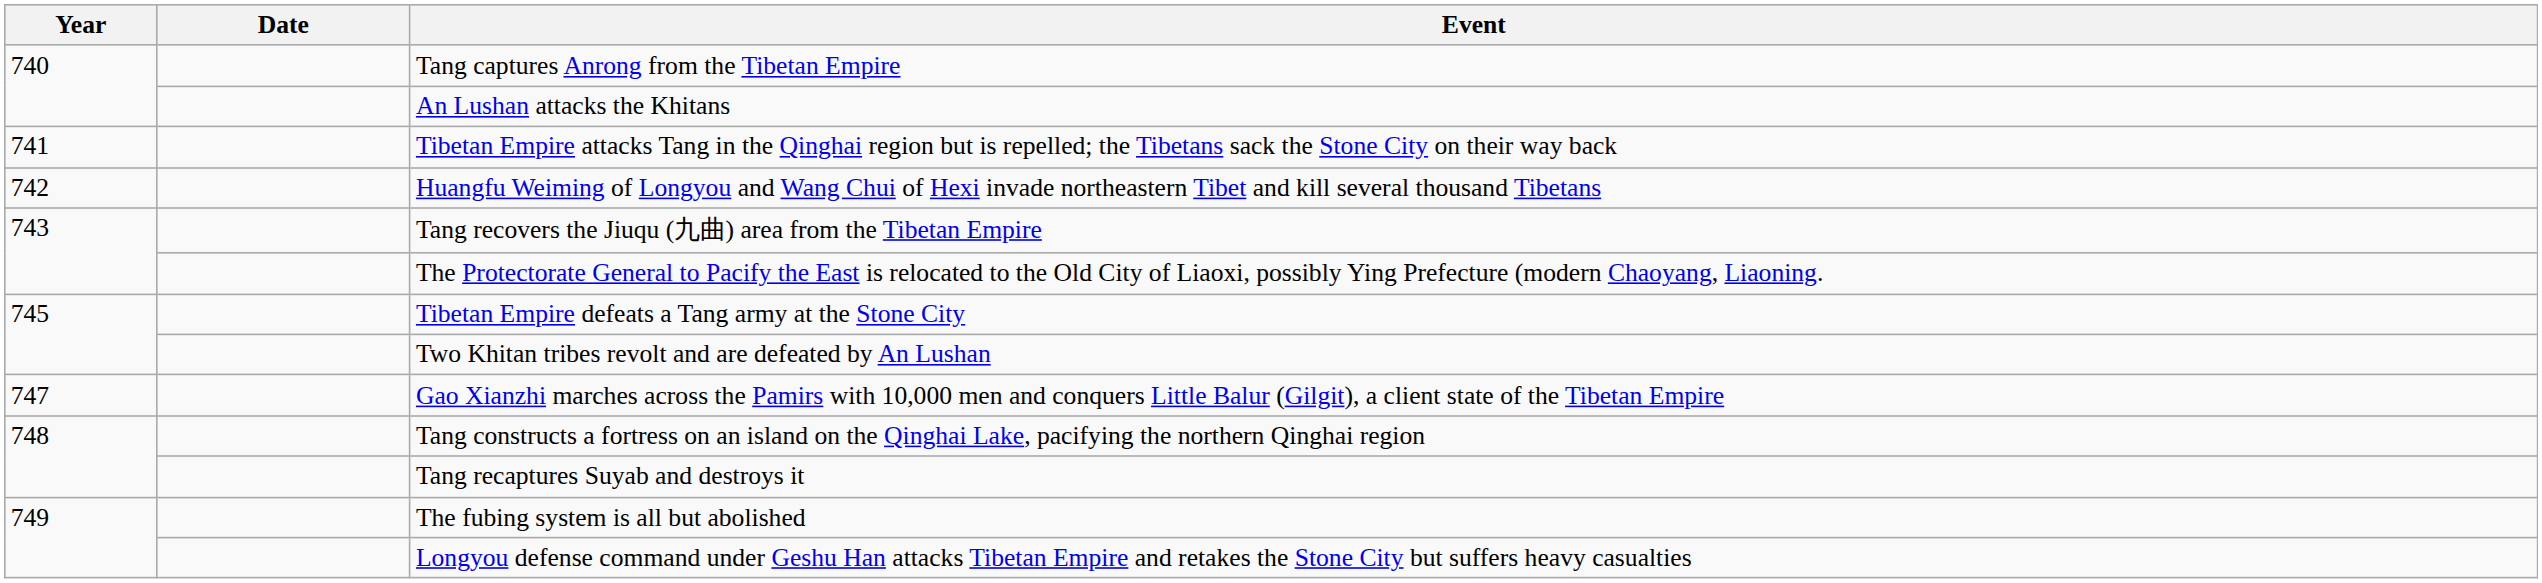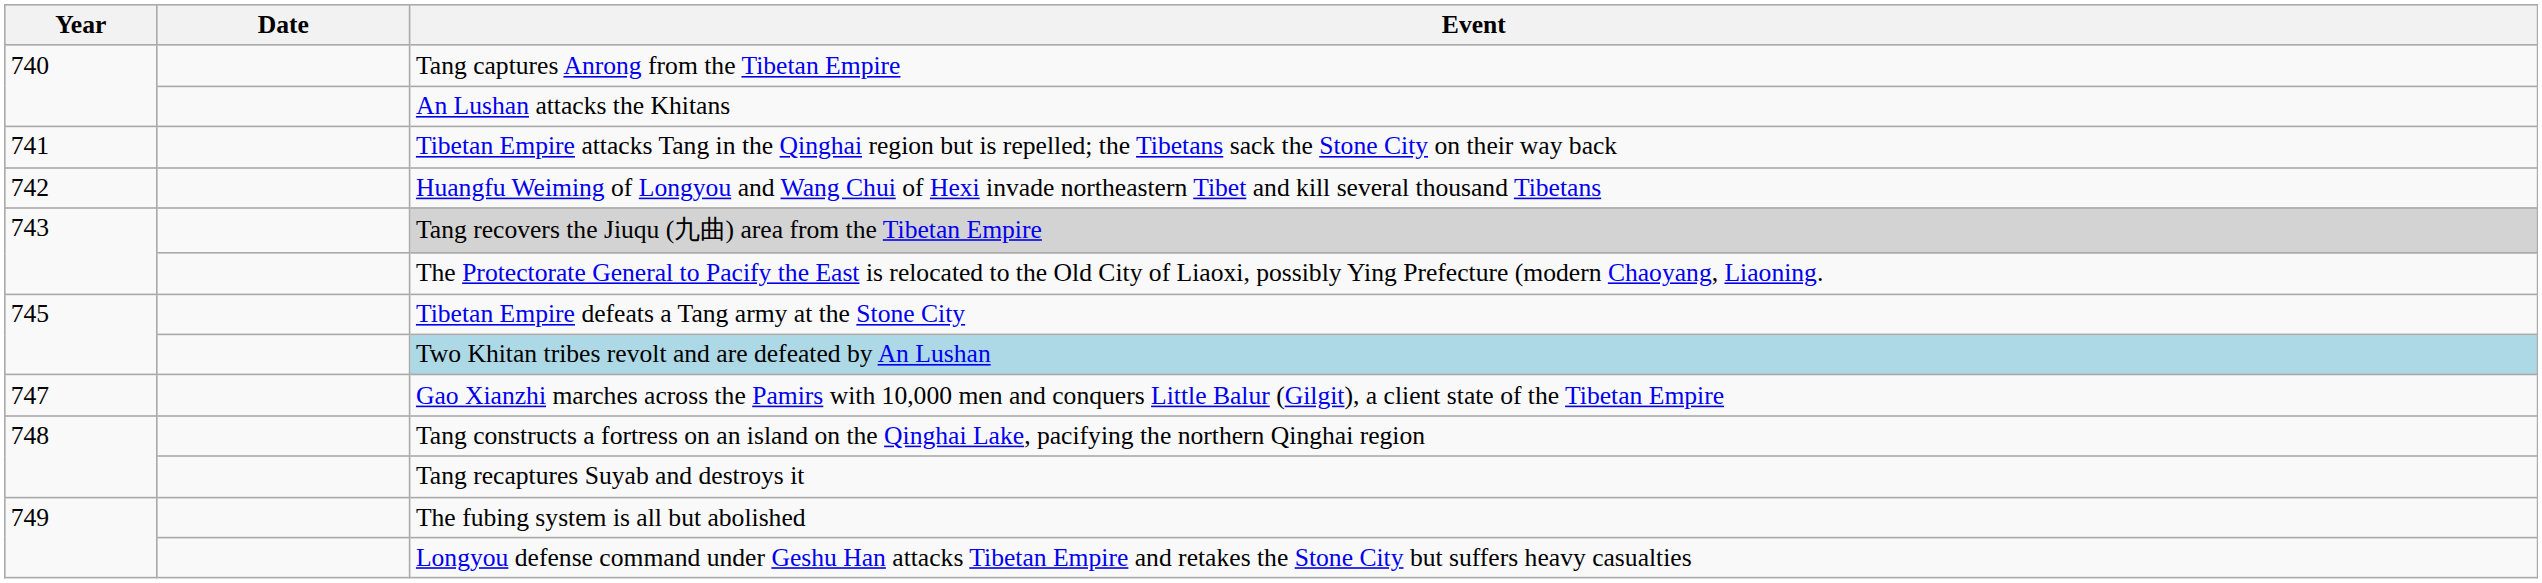 <table class="wikitable" width="100%">
 <tr>
 <th style="width:6%">Year</th>
 <th style="width:10%">Date</th>
 <th>Event</th>
 </tr>
 <tr>
 <td rowspan="2" valign="top">740</td>
 <td></td>
 <td>Tang captures <a href='#'>Anrong</a> from the <a href='#'>Tibetan Empire</a></td>
 </tr>
 <tr>
 <td></td>
 <td><a href='#'>An Lushan</a> attacks the Khitans</td>
 </tr>
 <tr>
 <td>741</td>
 <td></td>
 <td><a href='#'>Tibetan Empire</a> attacks Tang in the <a href='#'>Qinghai</a> region but is repelled; the <a href='#'>Tibetans</a> sack the <a href='#'>Stone City</a> on their way back</td>
 </tr>
 <tr>
 <td>742</td>
 <td></td>
 <td><a href='#'>Huangfu Weiming</a> of <a href='#'>Longyou</a> and <a href='#'>Wang Chui</a> of <a href='#'>Hexi</a> invade northeastern <a href='#'>Tibet</a> and kill several thousand <a href='#'>Tibetans</a></td>
 </tr>
 <tr>
 <td rowspan="2" valign="top">743</td>
 <td></td>
-<td>Tang recovers the Jiuqu (九曲) area from the <a href='#'>Tibetan Empire</a></td>
+<td style="background: lightgrey;">Tang recovers the Jiuqu (九曲) area from the <a href='#'>Tibetan Empire</a></td>
 </tr>
 <tr>
 <td></td>
 <td>The <a href='#'>Protectorate General to Pacify the East</a> is relocated to the Old City of Liaoxi, possibly Ying Prefecture (modern <a href='#'>Chaoyang</a>, <a href='#'>Liaoning</a>.</td>
 </tr>
 <tr>
 <td rowspan="2" valign="top">745</td>
 <td></td>
 <td><a href='#'>Tibetan Empire</a> defeats a Tang army at the <a href='#'>Stone City</a></td>
 </tr>
 <tr>
 <td></td>
-<td>Two Khitan tribes revolt and are defeated by <a href='#'>An Lushan</a></td>
+<td style="background: lightblue;">Two Khitan tribes revolt and are defeated by <a href='#'>An Lushan</a></td>
 </tr>
 <tr>
 <td>747</td>
 <td></td>
 <td><a href='#'>Gao Xianzhi</a> marches across the <a href='#'>Pamirs</a> with 10,000 men and conquers <a href='#'>Little Balur</a> (<a href='#'>Gilgit</a>), a client state of the <a href='#'>Tibetan Empire</a></td>
 </tr>
 <tr>
 <td rowspan="2" valign="top">748</td>
 <td></td>
 <td>Tang constructs a fortress on an island on the <a href='#'>Qinghai Lake</a>, pacifying the northern Qinghai region</td>
 </tr>
 <tr>
 <td></td>
 <td>Tang recaptures Suyab and destroys it</td>
 </tr>
 <tr>
 <td rowspan="2" valign="top">749</td>
 <td></td>
 <td>The fubing system is all but abolished</td>
 </tr>
 <tr>
 <td></td>
 <td><a href='#'>Longyou</a> defense command under <a href='#'>Geshu Han</a> attacks <a href='#'>Tibetan Empire</a> and retakes the <a href='#'>Stone City</a> but suffers heavy casualties</td>
 </tr>
 </table>
